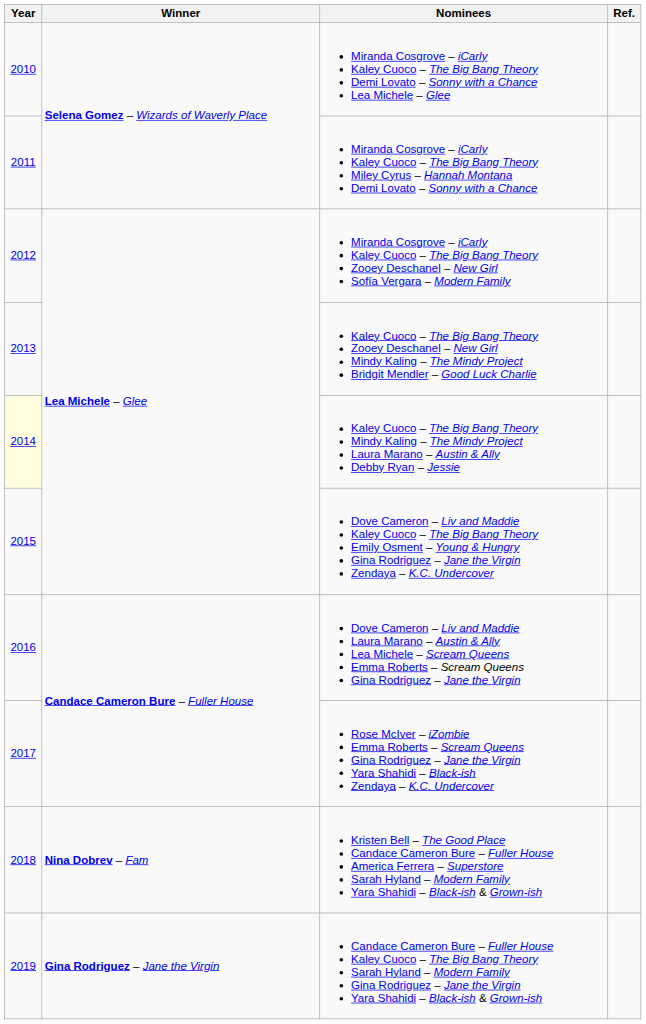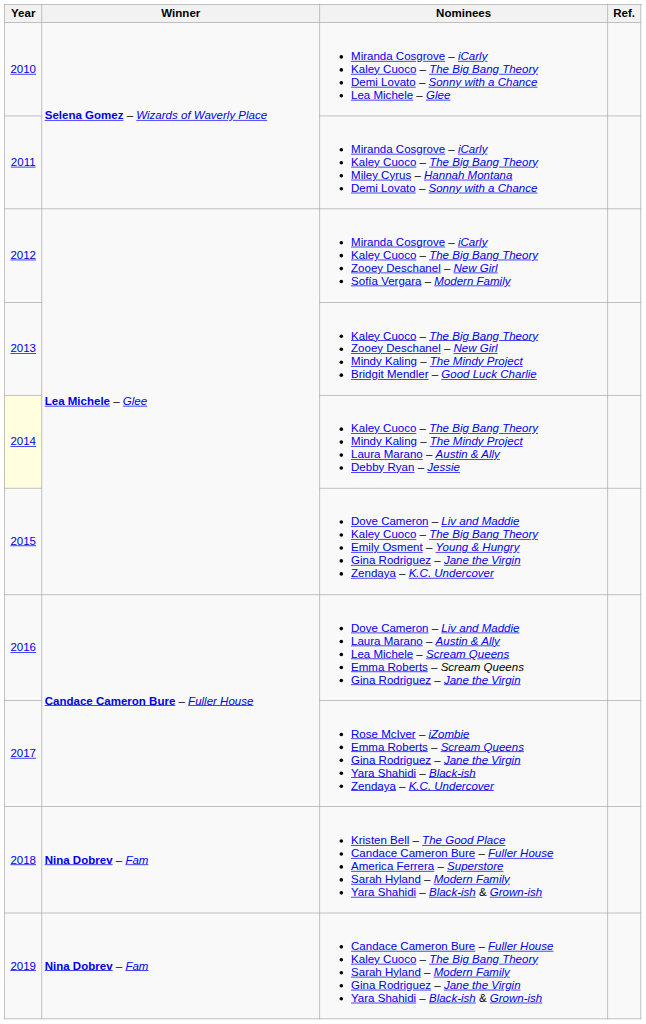 <table class="wikitable" width=70%>
 <tr>
 <th>Year</th>
 <th>Winner</th>
 <th>Nominees</th>
 <th>Ref.</th>
 </tr>
 <tr>
 <td align="center"><a href='#'>2010</a></td>
 <td rowspan=2><strong><a href='#'>Selena Gomez</a></strong> – <em><a href='#'>Wizards of Waverly Place</a></em></td>
 <td><br><ul><li><a href='#'>Miranda Cosgrove</a> – <em><a href='#'>iCarly</a></em></li><li><a href='#'>Kaley Cuoco</a> – <em><a href='#'>The Big Bang Theory</a></em></li><li><a href='#'>Demi Lovato</a> – <em><a href='#'>Sonny with a Chance</a></em></li><li><a href='#'>Lea Michele</a> – <em><a href='#'>Glee</a></em></li></ul></td>
 <td align="center"></td>
 </tr>
 <tr>
 <td align="center"><a href='#'>2011</a></td>
 <td><br><ul><li><a href='#'>Miranda Cosgrove</a> – <em><a href='#'>iCarly</a></em></li><li><a href='#'>Kaley Cuoco</a> – <em><a href='#'>The Big Bang Theory</a></em></li><li><a href='#'>Miley Cyrus</a> – <em><a href='#'>Hannah Montana</a></em></li><li><a href='#'>Demi Lovato</a> – <em><a href='#'>Sonny with a Chance</a></em></li></ul></td>
 <td align="center"></td>
 </tr>
 <tr>
 <td align="center"><a href='#'>2012</a></td>
 <td rowspan=4><strong><a href='#'>Lea Michele</a></strong> – <em><a href='#'>Glee</a></em></td>
 <td><br><ul><li><a href='#'>Miranda Cosgrove</a> – <em><a href='#'>iCarly</a></em></li><li><a href='#'>Kaley Cuoco</a> – <em><a href='#'>The Big Bang Theory</a></em></li><li><a href='#'>Zooey Deschanel</a> – <em><a href='#'>New Girl</a></em></li><li><a href='#'>Sofía Vergara</a> – <em><a href='#'>Modern Family</a></em></li></ul></td>
 <td align="center"></td>
 </tr>
 <tr>
 <td align="center"><a href='#'>2013</a></td>
 <td><br><ul><li><a href='#'>Kaley Cuoco</a> – <em><a href='#'>The Big Bang Theory</a></em></li><li><a href='#'>Zooey Deschanel</a> – <em><a href='#'>New Girl</a></em></li><li><a href='#'>Mindy Kaling</a> – <em><a href='#'>The Mindy Project</a></em></li><li><a href='#'>Bridgit Mendler</a> – <em><a href='#'>Good Luck Charlie</a></em></li></ul></td>
 <td align="center"></td>
 </tr>
 <tr>
 <td align="center" style="background: lightyellow;"><a href='#'>2014</a></td>
 <td><br><ul><li><a href='#'>Kaley Cuoco</a> – <em><a href='#'>The Big Bang Theory</a></em></li><li><a href='#'>Mindy Kaling</a> – <em><a href='#'>The Mindy Project</a></em></li><li><a href='#'>Laura Marano</a> – <em><a href='#'>Austin & Ally</a></em></li><li><a href='#'>Debby Ryan</a> – <em><a href='#'>Jessie</a></em></li></ul></td>
 <td align="center"></td>
 </tr>
 <tr>
 <td align="center"><a href='#'>2015</a></td>
 <td><br><ul><li><a href='#'>Dove Cameron</a> – <em><a href='#'>Liv and Maddie</a></em></li><li><a href='#'>Kaley Cuoco</a> – <em><a href='#'>The Big Bang Theory</a></em></li><li><a href='#'>Emily Osment</a> – <em><a href='#'>Young & Hungry</a></em></li><li><a href='#'>Gina Rodriguez</a> – <em><a href='#'>Jane the Virgin</a></em></li><li><a href='#'>Zendaya</a> – <em><a href='#'>K.C. Undercover</a></em></li></ul></td>
 <td align="center"></td>
 </tr>
 <tr>
 <td align="center"><a href='#'>2016</a></td>
 <td rowspan=2><strong><a href='#'>Candace Cameron Bure</a></strong> – <em><a href='#'>Fuller House</a></em></td>
 <td><br><ul><li><a href='#'>Dove Cameron</a> – <em><a href='#'>Liv and Maddie</a></em></li><li><a href='#'>Laura Marano</a> – <em><a href='#'>Austin & Ally</a></em></li><li><a href='#'>Lea Michele</a> – <em><a href='#'>Scream Queens</a></em></li><li><a href='#'>Emma Roberts</a> – <em>Scream Queens</em></li><li><a href='#'>Gina Rodriguez</a> – <em><a href='#'>Jane the Virgin</a></em></li></ul></td>
 <td align="center"></td>
 </tr>
 <tr>
 <td align="center"><a href='#'>2017</a></td>
 <td><br><ul><li><a href='#'>Rose McIver</a> – <em><a href='#'>iZombie</a></em></li><li><a href='#'>Emma Roberts</a> – <em><a href='#'>Scream Queens</a></em></li><li><a href='#'>Gina Rodriguez</a> – <em><a href='#'>Jane the Virgin</a></em></li><li><a href='#'>Yara Shahidi</a> – <em><a href='#'>Black-ish</a></em></li><li><a href='#'>Zendaya</a> – <em><a href='#'>K.C. Undercover</a></em></li></ul></td>
 <td align="center"></td>
 </tr>
 <tr>
 <td align="center"><a href='#'>2018</a></td>
 <td><strong><a href='#'>Nina Dobrev</a></strong> – <em><a href='#'>Fam</a></em></td>
 <td><br><ul><li><a href='#'>Kristen Bell</a> – <em><a href='#'>The Good Place</a></em></li><li><a href='#'>Candace Cameron Bure</a> – <em><a href='#'>Fuller House</a></em></li><li><a href='#'>America Ferrera</a> – <em><a href='#'>Superstore</a></em></li><li><a href='#'>Sarah Hyland</a> – <em><a href='#'>Modern Family</a></em></li><li><a href='#'>Yara Shahidi</a> – <em><a href='#'>Black-ish</a></em> & <em><a href='#'>Grown-ish</a></em></li></ul></td>
 <td align="center"></td>
 </tr>
 <tr>
 <td align="center"><a href='#'>2019</a></td>
-<td><strong><a href='#'>Gina Rodriguez</a></strong> – <em><a href='#'>Jane the Virgin</a></em></td>
+<td><strong><a href='#'>Nina Dobrev</a></strong> – <em><a href='#'>Fam</a></em></td>
 <td><br><ul><li><a href='#'>Candace Cameron Bure</a> – <em><a href='#'>Fuller House</a></em></li><li><a href='#'>Kaley Cuoco</a> – <em><a href='#'>The Big Bang Theory</a></em></li><li><a href='#'>Sarah Hyland</a> – <em><a href='#'>Modern Family</a></em></li><li><a href='#'>Gina Rodriguez</a> – <em><a href='#'>Jane the Virgin</a></em></li><li><a href='#'>Yara Shahidi</a> – <em><a href='#'>Black-ish</a></em> & <em><a href='#'>Grown-ish</a></em></li></ul></td>
 <td align="center"></td>
 </tr>
 </table>
